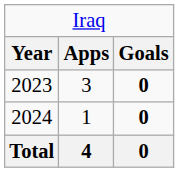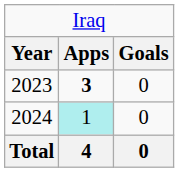 <table class="wikitable" style="text-align:center">
 <tr>
 <td colspan="8"><a href='#'>Iraq</a></td>
 </tr>
 <tr>
 <th>Year</th>
 <th>Apps</th>
 <th>Goals</th>
 </tr>
 <tr>
 <td>2023</td>
-<td>3</td>
-<td><strong>0</strong></td>
+<td><strong>3</strong></td>
+<td>0</td>
 </tr>
 <tr>
 <td>2024</td>
-<td>1</td>
-<td><strong>0</strong></td>
+<td style="background: paleturquoise;">1</td>
+<td>0</td>
 </tr>
 <tr>
 <th>Total</th>
 <th>4</th>
 <th>0</th>
 </tr>
 </table>
